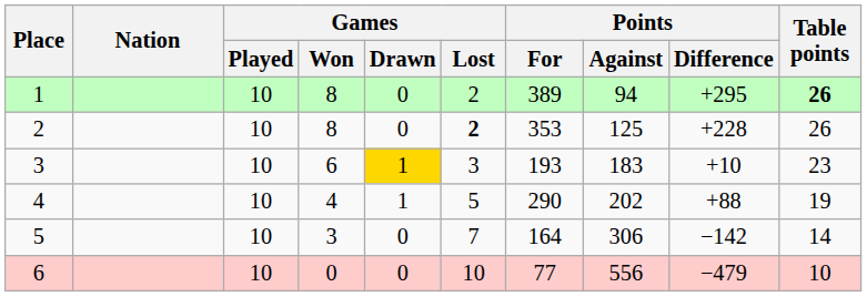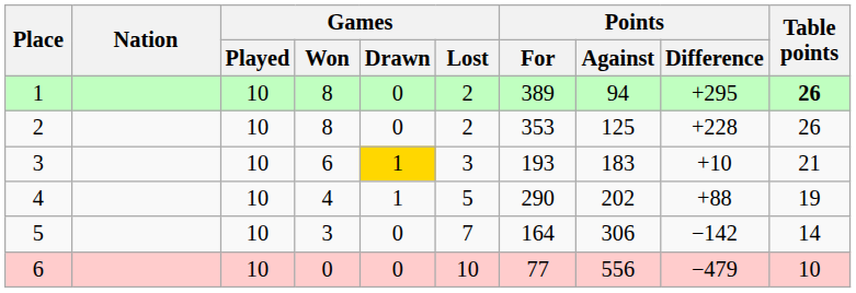 <table class="wikitable" style="text-align:center">
 <tr>
 <th rowspan=2 width="8%">Place</th>
 <th rowspan=2 width="20%">Nation</th>
 <th colspan=4 width="32%">Games</th>
 <th colspan=3 width="30%">Points</th>
 <th rowspan=2 width="10%">Table<br>points</th>
 </tr>
 <tr>
 <th width="8%">Played</th>
 <th width="8%">Won</th>
 <th width="8%">Drawn</th>
 <th width="8%">Lost</th>
 <th width="10%">For</th>
 <th width="10%">Against</th>
 <th width="10%">Difference</th>
 </tr>
 <tr bgcolor=#C0FFC0>
 <td>1</td>
 <td align=left></td>
 <td>10</td>
 <td>8</td>
 <td>0</td>
 <td>2</td>
 <td>389</td>
 <td>94</td>
 <td>+295</td>
 <td><strong>26</strong></td>
 </tr>
 <tr>
 <td>2</td>
 <td align=left></td>
 <td>10</td>
 <td>8</td>
 <td>0</td>
-<td><strong>2</strong></td>
+<td>2</td>
 <td>353</td>
 <td>125</td>
 <td>+228</td>
 <td>26</td>
 </tr>
 <tr>
 <td>3</td>
 <td align=left></td>
 <td>10</td>
 <td>6</td>
 <td style="background: gold;">1</td>
 <td>3</td>
 <td>193</td>
 <td>183</td>
 <td>+10</td>
-<td>23</td>
+<td>21</td>
 </tr>
 <tr>
 <td>4</td>
 <td align=left></td>
 <td>10</td>
 <td>4</td>
 <td>1</td>
 <td>5</td>
 <td>290</td>
 <td>202</td>
 <td>+88</td>
 <td>19</td>
 </tr>
 <tr>
 <td>5</td>
 <td align=left></td>
 <td>10</td>
 <td>3</td>
 <td>0</td>
 <td>7</td>
 <td>164</td>
 <td>306</td>
 <td>−142</td>
 <td>14</td>
 </tr>
 <tr bgcolor=#ffcccc>
 <td>6</td>
 <td align=left></td>
 <td>10</td>
 <td>0</td>
 <td>0</td>
 <td>10</td>
 <td>77</td>
 <td>556</td>
 <td>−479</td>
 <td>10</td>
 </tr>
 </table>
